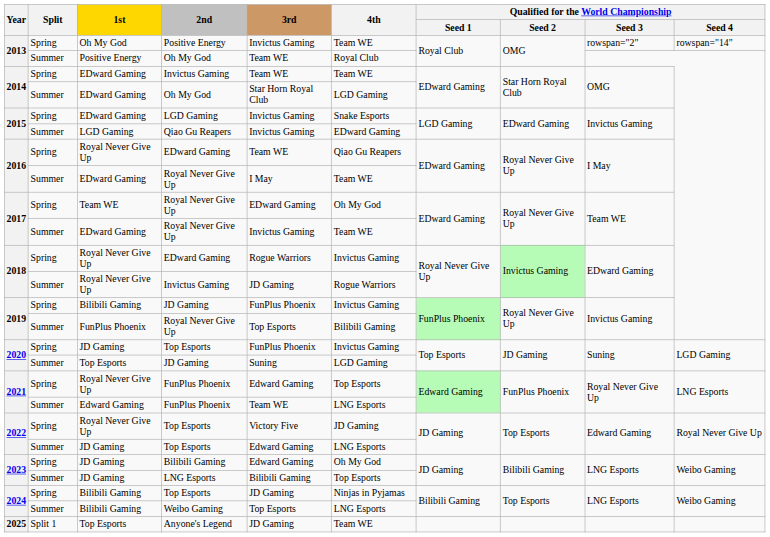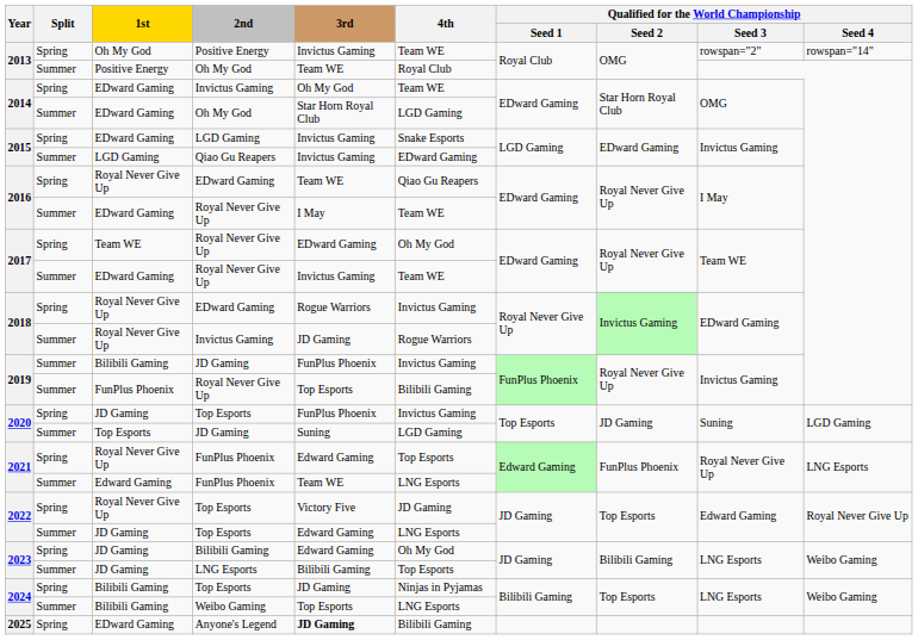 <table class="wikitable plainrowheaders" style="text-align:left">
 <tr>
 <th rowspan="2">Year</th>
 <th rowspan="2" style="width:5em">Split</th>
 <th rowspan="2" style="width:10em; background:gold">1st</th>
 <th rowspan="2" style="width:10em; background:silver">2nd</th>
 <th rowspan="2" style="width:10em; background:#c96">3rd</th>
 <th rowspan="2" style="width:10em">4th</th>
 <th colspan="4">Qualified for the <a href='#'>World Championship</a></th>
 </tr>
 <tr>
 <th style="width:10em">Seed 1</th>
 <th style="width:10em">Seed 2</th>
 <th style="width:10em">Seed 3</th>
 <th style="width:10em">Seed 4</th>
 </tr>
 <tr>
 <th rowspan="2">2013</th>
 <td>Spring</td>
 <td>Oh My God</td>
 <td>Positive Energy</td>
 <td>Invictus Gaming</td>
 <td>Team WE</td>
 <td rowspan="2">Royal Club</td>
 <td rowspan="2">OMG</td>
 <td>rowspan="2"  </td>
 <td>rowspan="14" </td>
 </tr>
 <tr>
 <td>Summer</td>
 <td>Positive Energy</td>
 <td>Oh My God</td>
 <td>Team WE</td>
 <td>Royal Club</td>
 </tr>
 <tr>
 <th rowspan="2">2014</th>
 <td>Spring</td>
 <td>EDward Gaming</td>
 <td>Invictus Gaming</td>
-<td>Team WE</td>
+<td>Oh My God</td>
 <td>Team WE</td>
 <td rowspan="2">EDward Gaming</td>
 <td rowspan="2">Star Horn Royal Club</td>
 <td rowspan="2">OMG</td>
 </tr>
 <tr>
 <td>Summer</td>
 <td>EDward Gaming</td>
 <td>Oh My God</td>
 <td>Star Horn Royal Club</td>
 <td>LGD Gaming</td>
 </tr>
 <tr>
 <th rowspan="2">2015</th>
 <td>Spring</td>
 <td>EDward Gaming</td>
 <td>LGD Gaming</td>
 <td>Invictus Gaming</td>
 <td>Snake Esports</td>
 <td rowspan="2">LGD Gaming</td>
 <td rowspan="2">EDward Gaming</td>
 <td rowspan="2">Invictus Gaming</td>
 </tr>
 <tr>
 <td>Summer</td>
 <td>LGD Gaming</td>
 <td>Qiao Gu Reapers</td>
 <td>Invictus Gaming</td>
 <td>EDward Gaming</td>
 </tr>
 <tr>
 <th rowspan="2">2016</th>
 <td>Spring</td>
 <td>Royal Never Give Up</td>
 <td>EDward Gaming</td>
 <td>Team WE</td>
 <td>Qiao Gu Reapers</td>
 <td rowspan="2">EDward Gaming</td>
 <td rowspan="2">Royal Never Give Up</td>
 <td rowspan="2">I May</td>
 </tr>
 <tr>
 <td>Summer</td>
 <td>EDward Gaming</td>
 <td>Royal Never Give Up</td>
 <td>I May</td>
 <td>Team WE</td>
 </tr>
 <tr>
 <th rowspan="2">2017</th>
 <td>Spring</td>
 <td>Team WE</td>
 <td>Royal Never Give Up</td>
 <td>EDward Gaming</td>
 <td>Oh My God</td>
 <td rowspan="2">EDward Gaming</td>
 <td rowspan="2">Royal Never Give Up</td>
 <td rowspan="2">Team WE</td>
 </tr>
 <tr>
 <td>Summer</td>
 <td>EDward Gaming</td>
 <td>Royal Never Give Up</td>
 <td>Invictus Gaming</td>
 <td>Team WE</td>
 </tr>
 <tr>
 <th rowspan="2">2018</th>
 <td>Spring</td>
 <td>Royal Never Give Up</td>
 <td>EDward Gaming</td>
 <td>Rogue Warriors</td>
 <td>Invictus Gaming</td>
 <td rowspan="2">Royal Never Give Up</td>
 <td rowspan="2" style="background:#b6fcb6;">Invictus Gaming </td>
 <td rowspan="2">EDward Gaming</td>
 </tr>
 <tr>
 <td>Summer</td>
 <td>Royal Never Give Up</td>
 <td>Invictus Gaming</td>
 <td>JD Gaming</td>
 <td>Rogue Warriors</td>
 </tr>
 <tr>
 <th rowspan="2">2019</th>
-<td>Spring</td>
+<td>Summer</td>
 <td>Bilibili Gaming</td>
 <td>JD Gaming</td>
 <td>FunPlus Phoenix</td>
 <td>Invictus Gaming</td>
 <td rowspan="2" style="background:#b6fcb6;">FunPlus Phoenix </td>
 <td rowspan="2">Royal Never Give Up</td>
 <td rowspan="2">Invictus Gaming</td>
 </tr>
 <tr>
 <td>Summer</td>
 <td>FunPlus Phoenix</td>
 <td>Royal Never Give Up</td>
 <td>Top Esports</td>
 <td>Bilibili Gaming</td>
 </tr>
 <tr>
 <th rowspan="2"><a href='#'>2020</a></th>
 <td>Spring</td>
 <td>JD Gaming</td>
 <td>Top Esports</td>
 <td>FunPlus Phoenix</td>
 <td>Invictus Gaming</td>
 <td rowspan="2">Top Esports</td>
 <td rowspan="2">JD Gaming</td>
 <td rowspan="2">Suning</td>
 <td rowspan="2">LGD Gaming</td>
 </tr>
 <tr>
 <td>Summer</td>
 <td>Top Esports</td>
 <td>JD Gaming</td>
 <td>Suning</td>
 <td>LGD Gaming</td>
 </tr>
 <tr>
 <th rowspan="2"><a href='#'>2021</a></th>
 <td>Spring</td>
 <td>Royal Never Give Up</td>
 <td>FunPlus Phoenix</td>
 <td>Edward Gaming</td>
 <td>Top Esports</td>
 <td rowspan="2" style="background:#b6fcb6;">Edward Gaming </td>
 <td rowspan="2">FunPlus Phoenix</td>
 <td rowspan="2">Royal Never Give Up</td>
 <td rowspan="2">LNG Esports</td>
 </tr>
 <tr>
 <td>Summer</td>
 <td>Edward Gaming</td>
 <td>FunPlus Phoenix</td>
 <td>Team WE</td>
 <td>LNG Esports</td>
 </tr>
 <tr>
 <th rowspan="2"><a href='#'>2022</a></th>
 <td>Spring</td>
 <td>Royal Never Give Up</td>
 <td>Top Esports</td>
 <td>Victory Five</td>
 <td>JD Gaming</td>
 <td rowspan="2">JD Gaming</td>
 <td rowspan="2">Top Esports</td>
 <td rowspan="2">Edward Gaming</td>
 <td rowspan="2">Royal Never Give Up</td>
 </tr>
 <tr>
 <td>Summer</td>
 <td>JD Gaming</td>
 <td>Top Esports</td>
 <td>Edward Gaming</td>
 <td>LNG Esports</td>
 </tr>
 <tr>
 <th rowspan="2"><a href='#'>2023</a></th>
 <td>Spring</td>
 <td>JD Gaming</td>
 <td>Bilibili Gaming</td>
 <td>Edward Gaming</td>
 <td>Oh My God</td>
 <td rowspan="2">JD Gaming</td>
 <td rowspan="2">Bilibili Gaming</td>
 <td rowspan="2">LNG Esports</td>
 <td rowspan="2">Weibo Gaming</td>
 </tr>
 <tr>
 <td>Summer</td>
 <td>JD Gaming</td>
 <td>LNG Esports</td>
 <td>Bilibili Gaming</td>
 <td>Top Esports</td>
 </tr>
 <tr>
 <th rowspan="2"><a href='#'>2024</a></th>
 <td>Spring</td>
 <td>Bilibili Gaming</td>
 <td>Top Esports</td>
 <td>JD Gaming</td>
 <td>Ninjas in Pyjamas</td>
 <td rowspan="2">Bilibili Gaming</td>
 <td rowspan="2">Top Esports</td>
 <td rowspan="2">LNG Esports</td>
 <td rowspan="2">Weibo Gaming</td>
 </tr>
 <tr>
 <td>Summer</td>
 <td>Bilibili Gaming</td>
 <td>Weibo Gaming</td>
 <td>Top Esports</td>
 <td>LNG Esports</td>
 </tr>
 <tr>
 <th>2025</th>
-<td>Split 1</td>
-<td>Top Esports</td>
+<td>Spring</td>
+<td>EDward Gaming</td>
 <td>Anyone's Legend</td>
-<td>JD Gaming</td>
-<td>Team WE</td>
+<td><strong>JD Gaming</strong></td>
+<td>Bilibili Gaming</td>
 <td></td>
 <td></td>
 <td></td>
 <td></td>
 </tr>
 </table>
